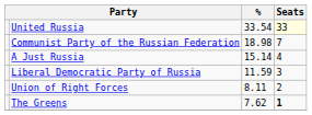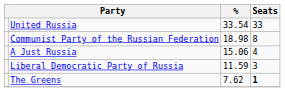 <table class="wikitable">
 <tr>
 <th colspan=2>Party</th>
 <th>%</th>
 <th>Seats</th>
 </tr>
 <tr>
 <td style="background:"></td>
 <td><a href='#'>United Russia</a></td>
 <td>33.54</td>
-<td style="background: lightyellow;">33</td>
+<td>33</td>
 </tr>
 <tr>
 <td style="background:"></td>
 <td><a href='#'>Communist Party of the Russian Federation</a></td>
 <td>18.98</td>
-<td>7</td>
+<td>8</td>
 </tr>
 <tr>
 <td style="background:"></td>
 <td><a href='#'>A Just Russia</a></td>
-<td>15.14</td>
+<td>15.06</td>
 <td>4</td>
 </tr>
 <tr>
 <td style="background:"></td>
 <td><a href='#'>Liberal Democratic Party of Russia</a></td>
 <td>11.59</td>
 <td>3</td>
 </tr>
 <tr>
 <td style="background:"></td>
-<td><a href='#'>Union of Right Forces</a></td>
-<td>8.11</td>
-<td>2</td>
-</tr>
-<tr>
-<td style="background:"></td>
 <td><a href='#'>The Greens</a></td>
 <td>7.62</td>
 <td><strong>1</strong></td>
 </tr>
 <tr>
 </tr>
 </table>
